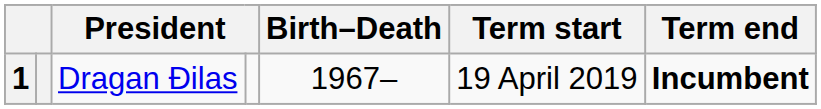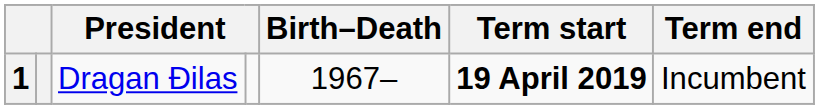 <table class="wikitable" style="text-align:center">
 <tr>
 <th colspan="2"></th>
 <th colspan="2">President</th>
 <th>Birth–Death</th>
 <th>Term start</th>
 <th>Term end</th>
 </tr>
 <tr>
 <th>1</th>
 <th style="background:"></th>
 <td><a href='#'>Dragan Đilas</a></td>
 <td></td>
 <td>1967–</td>
-<td>19 April 2019</td>
-<td><strong>Incumbent</strong></td>
+<td><strong>19 April 2019</strong></td>
+<td>Incumbent</td>
 </tr>
 </table>
